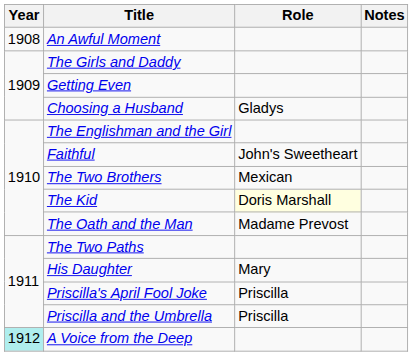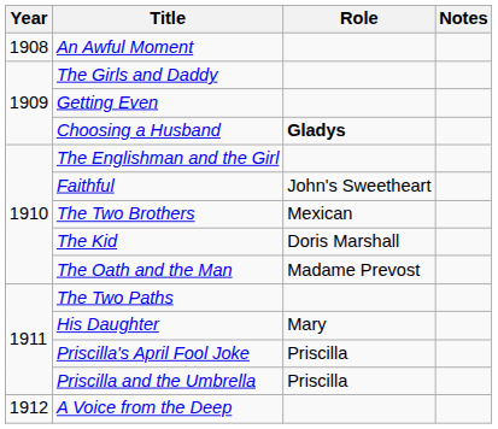 <table class="wikitable sortable">
 <tr>
 <th>Year</th>
 <th>Title</th>
 <th>Role</th>
 <th class="unsortable">Notes</th>
 </tr>
 <tr>
 <td>1908</td>
 <td><em><a href='#'>An Awful Moment</a></em></td>
 <td></td>
 <td></td>
 </tr>
 <tr>
 <td rowspan=3>1909</td>
 <td><em><a href='#'>The Girls and Daddy</a></em></td>
 <td></td>
 <td></td>
 </tr>
 <tr>
 <td><em><a href='#'>Getting Even</a></em></td>
 <td></td>
 <td></td>
 </tr>
 <tr>
 <td><em><a href='#'>Choosing a Husband</a></em></td>
-<td>Gladys</td>
+<td><strong>Gladys</strong></td>
 <td></td>
 </tr>
 <tr>
 <td Rowspan=5>1910</td>
 <td><em><a href='#'>The Englishman and the Girl</a></em></td>
 <td></td>
 <td></td>
 </tr>
 <tr>
 <td><em><a href='#'>Faithful</a></em></td>
 <td>John's Sweetheart</td>
 <td></td>
 </tr>
 <tr>
 <td><em><a href='#'>The Two Brothers</a></em></td>
 <td>Mexican</td>
 <td></td>
 </tr>
 <tr>
 <td><em><a href='#'>The Kid</a></em></td>
-<td style="background: lightyellow;">Doris Marshall</td>
+<td>Doris Marshall</td>
 <td></td>
 </tr>
 <tr>
 <td><em><a href='#'>The Oath and the Man</a></em></td>
 <td>Madame Prevost</td>
 <td></td>
 </tr>
 <tr>
 <td Rowspan=4>1911</td>
 <td><em><a href='#'>The Two Paths</a></em></td>
 <td></td>
 <td></td>
 </tr>
 <tr>
 <td><em><a href='#'>His Daughter</a></em></td>
 <td>Mary</td>
 <td></td>
 </tr>
 <tr>
 <td><em><a href='#'>Priscilla's April Fool Joke</a></em></td>
 <td>Priscilla</td>
 <td></td>
 </tr>
 <tr>
 <td><em><a href='#'>Priscilla and the Umbrella</a></em></td>
 <td>Priscilla</td>
 <td></td>
 </tr>
 <tr>
-<td style="background: paleturquoise;">1912</td>
+<td>1912</td>
 <td><em><a href='#'>A Voice from the Deep</a></em></td>
 <td></td>
 <td></td>
 </tr>
 </table>
